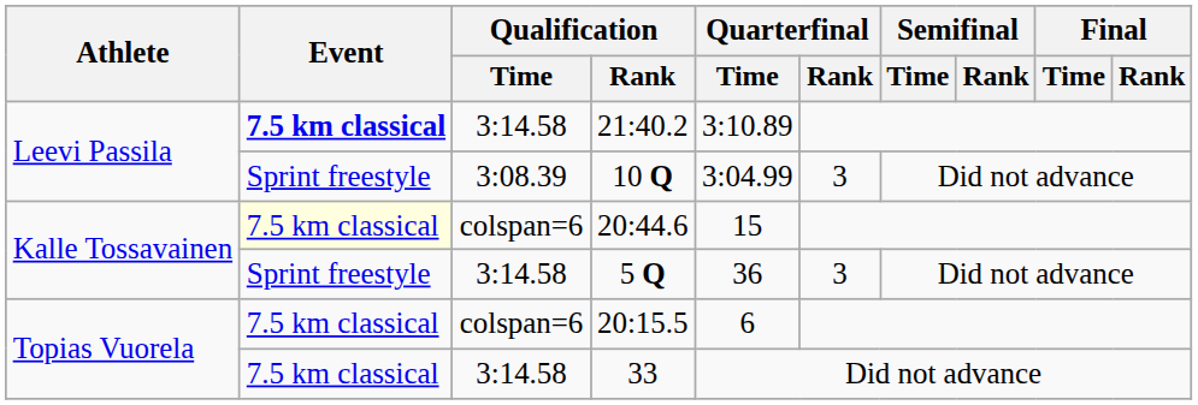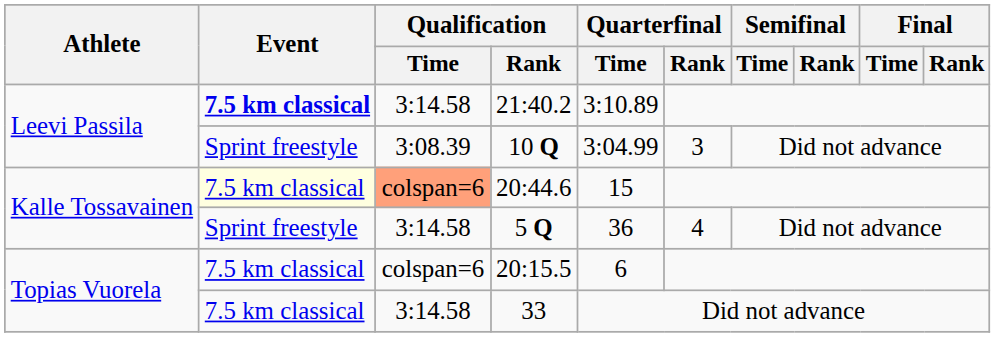 <table class="wikitable" style="font-size:90%">
 <tr>
 <th rowspan="2">Athlete</th>
 <th rowspan="2">Event</th>
 <th colspan="2">Qualification</th>
 <th colspan="2">Quarterfinal</th>
 <th colspan="2">Semifinal</th>
 <th colspan="2">Final</th>
 </tr>
 <tr style="font-size:95%">
 <th>Time</th>
 <th>Rank</th>
 <th>Time</th>
 <th>Rank</th>
 <th>Time</th>
 <th>Rank</th>
 <th>Time</th>
 <th>Rank</th>
 </tr>
 <tr align=center>
 <td align=left rowspan=2><a href='#'>Leevi Passila</a></td>
 <td align=left><strong><a href='#'>7.5 km classical</a></strong></td>
 <td>3:14.58</td>
 <td>21:40.2</td>
 <td>3:10.89</td>
 </tr>
 <tr align=center>
 <td align=left><a href='#'>Sprint freestyle</a></td>
 <td>3:08.39</td>
 <td>10 <strong>Q</strong></td>
 <td>3:04.99</td>
 <td>3</td>
 <td colspan=4>Did not advance</td>
 </tr>
 <tr align=center>
 <td align=left rowspan=2><a href='#'>Kalle Tossavainen</a></td>
 <td align=left style="background: lightyellow;"><a href='#'>7.5 km classical</a></td>
-<td>colspan=6</td>
+<td style="background: lightsalmon;">colspan=6</td>
 <td>20:44.6</td>
 <td>15</td>
 </tr>
 <tr align=center>
 <td align=left><a href='#'>Sprint freestyle</a></td>
 <td>3:14.58</td>
 <td>5 <strong>Q</strong></td>
 <td>36</td>
-<td>3</td>
+<td>4</td>
 <td colspan=4>Did not advance</td>
 </tr>
 <tr align=center>
 <td align=left rowspan=2><a href='#'>Topias Vuorela</a></td>
 <td align=left><a href='#'>7.5 km classical</a></td>
 <td>colspan=6</td>
 <td>20:15.5</td>
 <td>6</td>
 </tr>
 <tr align=center>
 <td align=left><a href='#'>7.5 km classical</a></td>
 <td>3:14.58</td>
 <td>33</td>
 <td colspan=6>Did not advance</td>
 </tr>
 </table>
